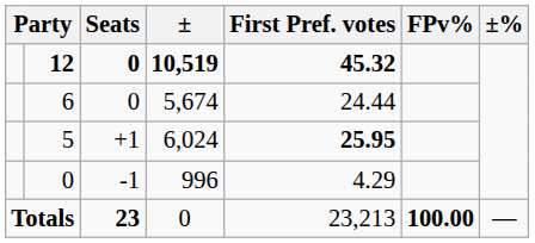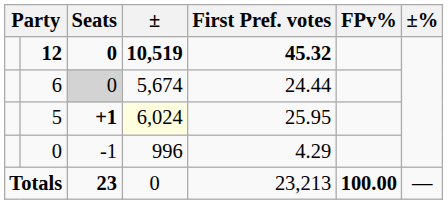 <table class="wikitable sortable" border="1">
 <tr>
 <th colspan=2 align=center>Party</th>
 <th valign=top>Seats</th>
 <th valign=top>±</th>
 <th valign=top>First Pref. votes</th>
 <th valign=top>FPv%</th>
 <th valign=top>±%</th>
 </tr>
 <tr>
 <td></td>
 <td align=right><strong>12</strong></td>
 <td align=right><strong>0</strong></td>
 <td align=right><strong>10,519</strong></td>
 <td align=right><strong>45.32</strong></td>
 <td align=right></td>
 </tr>
 <tr>
 <td></td>
 <td align=right>6</td>
-<td align=right>0</td>
+<td align=right style="background: lightgrey;">0</td>
 <td align=right>5,674</td>
 <td align=right>24.44</td>
 <td align=right></td>
 </tr>
 <tr>
 <td></td>
 <td align=right>5</td>
-<td align=right>+1</td>
-<td align=right>6,024</td>
-<td align=right><strong>25.95</strong></td>
+<td align=right><strong>+1</strong></td>
+<td align=right style="background: lightyellow;">6,024</td>
+<td align=right>25.95</td>
 <td align=right></td>
 </tr>
 <tr>
 <td></td>
 <td align=right>0</td>
 <td align=right>-1</td>
 <td align=right>996</td>
 <td align=right>4.29</td>
 <td align=right></td>
 </tr>
 <tr>
 <td colspan=2 align=center><strong>Totals</strong></td>
 <td align=right><strong>23</strong></td>
 <td align=center>0</td>
 <td align=right>23,213</td>
 <td align=center><strong>100.00</strong></td>
 <td align=center>—</td>
 </tr>
 </table>
